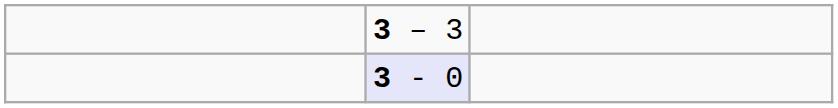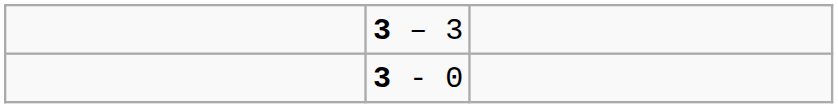 <table class="wikitable">
 <tr>
 <td width=150></td>
 <td><strong>3</strong> – 3</td>
 <td width=150></td>
 </tr>
 <tr>
 <td></td>
-<td style="background: lavender;"><strong>3</strong> - 0</td>
+<td><strong>3</strong> - 0</td>
 <td></td>
 </tr>
 </table>
